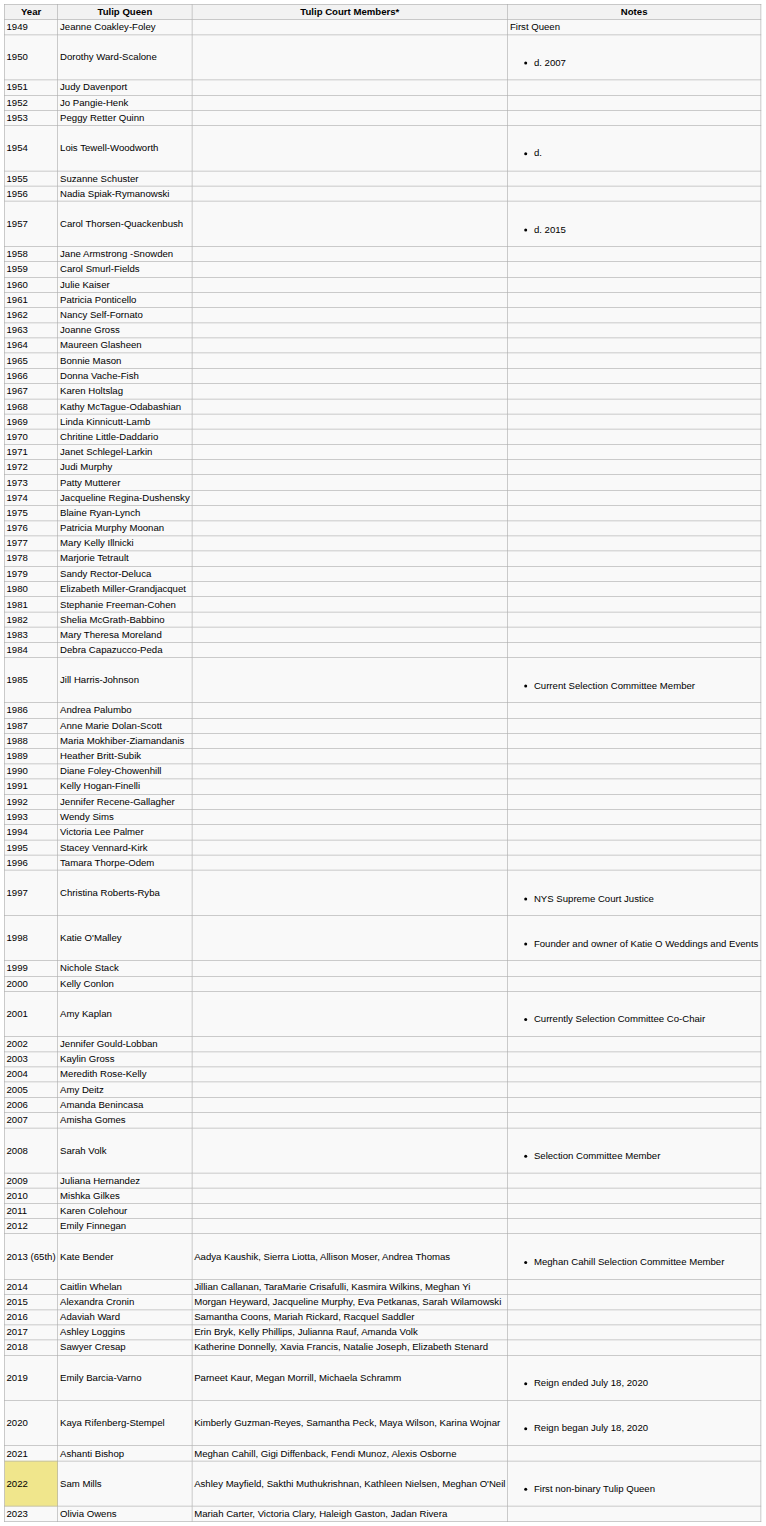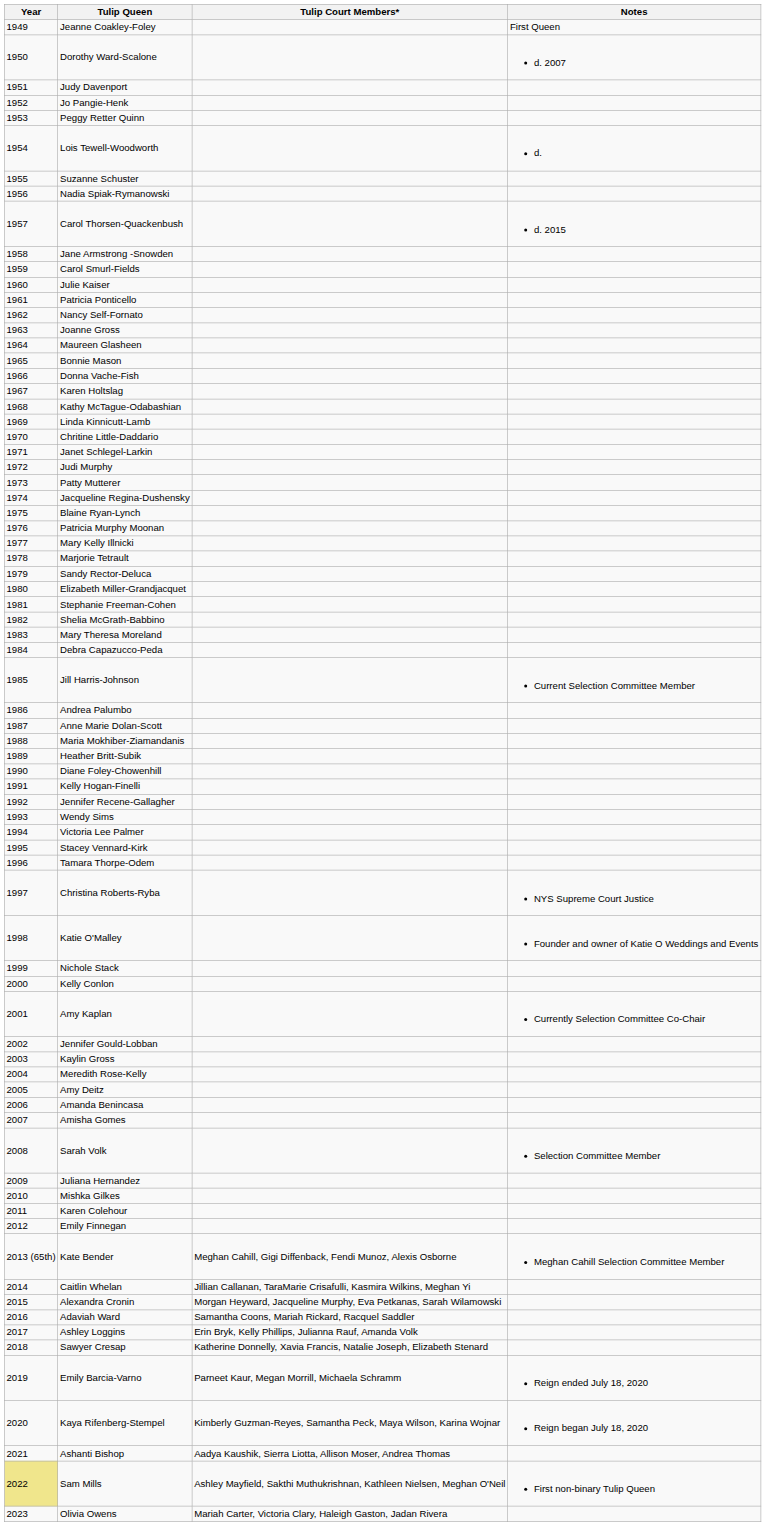 <table class="wikitable">
 <tr>
 <th>Year</th>
 <th>Tulip Queen</th>
 <th>Tulip Court Members*</th>
 <th>Notes</th>
 </tr>
 <tr>
 <td>1949</td>
 <td>Jeanne Coakley-Foley</td>
 <td></td>
 <td>First Queen</td>
 </tr>
 <tr>
 <td>1950</td>
 <td>Dorothy Ward-Scalone</td>
 <td></td>
 <td><br><ul><li>d. 2007</li></ul></td>
 </tr>
 <tr>
 <td>1951</td>
 <td>Judy Davenport</td>
 <td></td>
 <td></td>
 </tr>
 <tr>
 <td>1952</td>
 <td>Jo Pangie-Henk</td>
 <td></td>
 <td></td>
 </tr>
 <tr>
 <td>1953</td>
 <td>Peggy Retter Quinn</td>
 <td></td>
 <td></td>
 </tr>
 <tr>
 <td>1954</td>
 <td>Lois Tewell-Woodworth</td>
 <td></td>
 <td><br><ul><li>d.</li></ul></td>
 </tr>
 <tr>
 <td>1955</td>
 <td>Suzanne Schuster</td>
 <td></td>
 <td></td>
 </tr>
 <tr>
 <td>1956</td>
 <td>Nadia Spiak-Rymanowski</td>
 <td></td>
 <td></td>
 </tr>
 <tr>
 <td>1957</td>
 <td>Carol Thorsen-Quackenbush</td>
 <td></td>
 <td><br><ul><li>d. 2015</li></ul></td>
 </tr>
 <tr>
 <td>1958</td>
 <td>Jane Armstrong -Snowden</td>
 <td></td>
 <td></td>
 </tr>
 <tr>
 <td>1959</td>
 <td>Carol Smurl-Fields</td>
 <td></td>
 <td></td>
 </tr>
 <tr>
 <td>1960</td>
 <td>Julie Kaiser</td>
 <td></td>
 <td></td>
 </tr>
 <tr>
 <td>1961</td>
 <td>Patricia Ponticello</td>
 <td></td>
 <td></td>
 </tr>
 <tr>
 <td>1962</td>
 <td>Nancy Self-Fornato</td>
 <td></td>
 <td></td>
 </tr>
 <tr>
 <td>1963</td>
 <td>Joanne Gross</td>
 <td></td>
 <td></td>
 </tr>
 <tr>
 <td>1964</td>
 <td>Maureen Glasheen</td>
 <td></td>
 <td></td>
 </tr>
 <tr>
 <td>1965</td>
 <td>Bonnie Mason</td>
 <td></td>
 <td></td>
 </tr>
 <tr>
 <td>1966</td>
 <td>Donna Vache-Fish</td>
 <td></td>
 <td></td>
 </tr>
 <tr>
 <td>1967</td>
 <td>Karen Holtslag</td>
 <td></td>
 <td></td>
 </tr>
 <tr>
 <td>1968</td>
 <td>Kathy McTague-Odabashian</td>
 <td></td>
 <td></td>
 </tr>
 <tr>
 <td>1969</td>
 <td>Linda Kinnicutt-Lamb</td>
 <td></td>
 <td></td>
 </tr>
 <tr>
 <td>1970</td>
 <td>Chritine Little-Daddario</td>
 <td></td>
 <td></td>
 </tr>
 <tr>
 <td>1971</td>
 <td>Janet Schlegel-Larkin</td>
 <td></td>
 <td></td>
 </tr>
 <tr>
 <td>1972</td>
 <td>Judi Murphy</td>
 <td></td>
 <td></td>
 </tr>
 <tr>
 <td>1973</td>
 <td>Patty Mutterer</td>
 <td></td>
 <td></td>
 </tr>
 <tr>
 <td>1974</td>
 <td>Jacqueline Regina-Dushensky</td>
 <td></td>
 <td></td>
 </tr>
 <tr>
 <td>1975</td>
 <td>Blaine Ryan-Lynch</td>
 <td></td>
 <td></td>
 </tr>
 <tr>
 <td>1976</td>
 <td>Patricia Murphy Moonan</td>
 <td></td>
 <td></td>
 </tr>
 <tr>
 <td>1977</td>
 <td>Mary Kelly Illnicki</td>
 <td></td>
 <td></td>
 </tr>
 <tr>
 <td>1978</td>
 <td>Marjorie Tetrault</td>
 <td></td>
 <td></td>
 </tr>
 <tr>
 <td>1979</td>
 <td>Sandy Rector-Deluca</td>
 <td></td>
 <td></td>
 </tr>
 <tr>
 <td>1980</td>
 <td>Elizabeth Miller-Grandjacquet</td>
 <td></td>
 <td></td>
 </tr>
 <tr>
 <td>1981</td>
 <td>Stephanie Freeman-Cohen</td>
 <td></td>
 <td></td>
 </tr>
 <tr>
 <td>1982</td>
 <td>Shelia McGrath-Babbino</td>
 <td></td>
 <td></td>
 </tr>
 <tr>
 <td>1983</td>
 <td>Mary Theresa Moreland</td>
 <td></td>
 <td></td>
 </tr>
 <tr>
 <td>1984</td>
 <td>Debra Capazucco-Peda</td>
 <td></td>
 <td></td>
 </tr>
 <tr>
 <td>1985</td>
 <td>Jill Harris-Johnson</td>
 <td></td>
 <td><br><ul><li>Current Selection Committee Member</li></ul></td>
 </tr>
 <tr>
 <td>1986</td>
 <td>Andrea Palumbo</td>
 <td></td>
 <td></td>
 </tr>
 <tr>
 <td>1987</td>
 <td>Anne Marie Dolan-Scott</td>
 <td></td>
 <td></td>
 </tr>
 <tr>
 <td>1988</td>
 <td>Maria Mokhiber-Ziamandanis</td>
 <td></td>
 <td></td>
 </tr>
 <tr>
 <td>1989</td>
 <td>Heather Britt-Subik</td>
 <td></td>
 <td></td>
 </tr>
 <tr>
 <td>1990</td>
 <td>Diane Foley-Chowenhill</td>
 <td></td>
 <td></td>
 </tr>
 <tr>
 <td>1991</td>
 <td>Kelly Hogan-Finelli</td>
 <td></td>
 <td></td>
 </tr>
 <tr>
 <td>1992</td>
 <td>Jennifer Recene-Gallagher</td>
 <td></td>
 <td></td>
 </tr>
 <tr>
 <td>1993</td>
 <td>Wendy Sims</td>
 <td></td>
 <td></td>
 </tr>
 <tr>
 <td>1994</td>
 <td>Victoria Lee Palmer</td>
 <td></td>
 <td></td>
 </tr>
 <tr>
 <td>1995</td>
 <td>Stacey Vennard-Kirk</td>
 <td></td>
 <td></td>
 </tr>
 <tr>
 <td>1996</td>
 <td>Tamara Thorpe-Odem</td>
 <td></td>
 <td></td>
 </tr>
 <tr>
 <td>1997</td>
 <td>Christina Roberts-Ryba</td>
 <td></td>
 <td><br><ul><li>NYS Supreme Court Justice</li></ul></td>
 </tr>
 <tr>
 <td>1998</td>
 <td>Katie O'Malley</td>
 <td></td>
 <td><br><ul><li>Founder and owner of Katie O Weddings and Events</li></ul></td>
 </tr>
 <tr>
 <td>1999</td>
 <td>Nichole Stack</td>
 <td></td>
 <td></td>
 </tr>
 <tr>
 <td>2000</td>
 <td>Kelly Conlon</td>
 <td></td>
 <td></td>
 </tr>
 <tr>
 <td>2001</td>
 <td>Amy Kaplan</td>
 <td></td>
 <td><br><ul><li>Currently Selection Committee Co-Chair</li></ul></td>
 </tr>
 <tr>
 <td>2002</td>
 <td>Jennifer Gould-Lobban</td>
 <td></td>
 <td></td>
 </tr>
 <tr>
 <td>2003</td>
 <td>Kaylin Gross</td>
 <td></td>
 <td></td>
 </tr>
 <tr>
 <td>2004</td>
 <td>Meredith Rose-Kelly</td>
 <td></td>
 <td></td>
 </tr>
 <tr>
 <td>2005</td>
 <td>Amy Deitz</td>
 <td></td>
 <td></td>
 </tr>
 <tr>
 <td>2006</td>
 <td>Amanda Benincasa</td>
 <td></td>
 <td></td>
 </tr>
 <tr>
 <td>2007</td>
 <td>Amisha Gomes</td>
 <td></td>
 <td></td>
 </tr>
 <tr>
 <td>2008</td>
 <td>Sarah Volk</td>
 <td></td>
 <td><br><ul><li>Selection Committee Member</li></ul></td>
 </tr>
 <tr>
 <td>2009</td>
 <td>Juliana Hernandez</td>
 <td></td>
 <td></td>
 </tr>
 <tr>
 <td>2010</td>
 <td>Mishka Gilkes</td>
 <td></td>
 <td></td>
 </tr>
 <tr>
 <td>2011</td>
 <td>Karen Colehour</td>
 <td></td>
 <td></td>
 </tr>
 <tr>
 <td>2012</td>
 <td>Emily Finnegan</td>
 <td></td>
 <td></td>
 </tr>
 <tr>
 <td>2013 (65th)</td>
 <td>Kate Bender</td>
-<td>Aadya Kaushik, Sierra Liotta, Allison Moser, Andrea Thomas</td>
+<td>Meghan Cahill, Gigi Diffenback, Fendi Munoz, Alexis Osborne</td>
 <td><br><ul><li>Meghan Cahill Selection Committee Member</li></ul></td>
 </tr>
 <tr>
 <td>2014</td>
 <td>Caitlin Whelan</td>
 <td>Jillian Callanan, TaraMarie Crisafulli, Kasmira Wilkins, Meghan Yi</td>
 <td></td>
 </tr>
 <tr>
 <td>2015</td>
 <td>Alexandra Cronin</td>
 <td>Morgan Heyward, Jacqueline Murphy, Eva Petkanas, Sarah Wilamowski</td>
 <td></td>
 </tr>
 <tr>
 <td>2016</td>
 <td>Adaviah Ward</td>
 <td>Samantha Coons, Mariah Rickard, Racquel Saddler</td>
 <td></td>
 </tr>
 <tr>
 <td>2017</td>
 <td>Ashley Loggins</td>
 <td>Erin Bryk, Kelly Phillips, Julianna Rauf, Amanda Volk</td>
 <td></td>
 </tr>
 <tr>
 <td>2018</td>
 <td>Sawyer Cresap</td>
 <td>Katherine Donnelly, Xavia Francis, Natalie Joseph, Elizabeth Stenard</td>
 <td></td>
 </tr>
 <tr>
 <td>2019</td>
 <td>Emily Barcia-Varno</td>
 <td>Parneet Kaur, Megan Morrill, Michaela Schramm</td>
 <td><br><ul><li>Reign ended July 18, 2020</li></ul></td>
 </tr>
 <tr>
 <td>2020</td>
 <td>Kaya Rifenberg-Stempel</td>
 <td>Kimberly Guzman-Reyes, Samantha Peck, Maya Wilson, Karina Wojnar</td>
 <td><br><ul><li>Reign began July 18, 2020</li></ul></td>
 </tr>
 <tr>
 <td>2021</td>
 <td>Ashanti Bishop</td>
-<td>Meghan Cahill, Gigi Diffenback, Fendi Munoz, Alexis Osborne</td>
+<td>Aadya Kaushik, Sierra Liotta, Allison Moser, Andrea Thomas</td>
 <td></td>
 </tr>
 <tr>
 <td style="background: khaki;">2022</td>
 <td>Sam Mills</td>
 <td>Ashley Mayfield, Sakthi Muthukrishnan, Kathleen Nielsen, Meghan O'Neil</td>
 <td><br><ul><li>First non-binary Tulip Queen</li></ul></td>
 </tr>
 <tr>
 <td>2023</td>
 <td>Olivia Owens</td>
 <td>Mariah Carter, Victoria Clary, Haleigh Gaston, Jadan Rivera</td>
 <td></td>
 </tr>
 </table>
